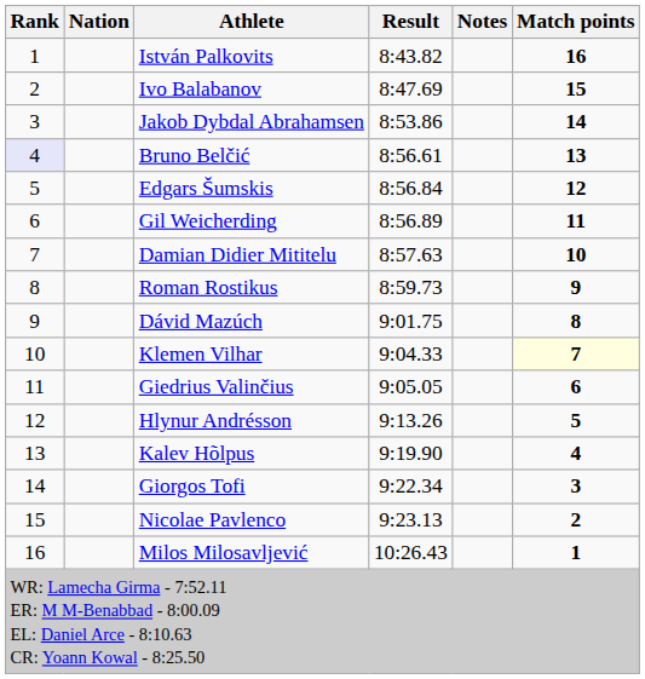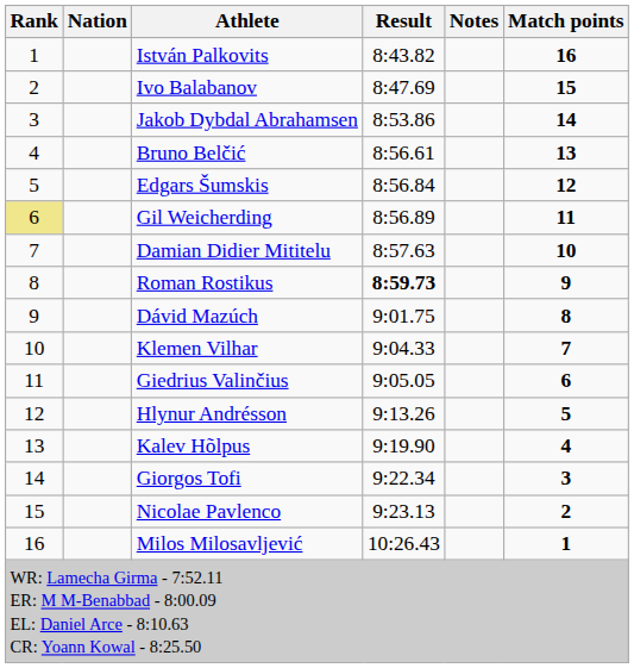 <table class="wikitable sortable" style="text-align:left;">
 <tr>
 <th>Rank</th>
 <th>Nation</th>
 <th>Athlete</th>
 <th>Result</th>
 <th>Notes</th>
 <th>Match points</th>
 </tr>
 <tr>
 <td align=center>1</td>
 <td></td>
 <td><a href='#'>István Palkovits</a></td>
 <td align=center>8:43.82</td>
 <td></td>
 <td align=center><strong>16</strong></td>
 </tr>
 <tr>
 <td align=center>2</td>
 <td></td>
 <td><a href='#'>Ivo Balabanov</a></td>
 <td align=center>8:47.69</td>
 <td align=center></td>
 <td align=center><strong>15</strong></td>
 </tr>
 <tr>
 <td align=center>3</td>
 <td></td>
 <td><a href='#'>Jakob Dybdal Abrahamsen</a></td>
 <td align=center>8:53.86</td>
 <td></td>
 <td align=center><strong>14</strong></td>
 </tr>
 <tr>
-<td align=center style="background: lavender;">4</td>
+<td align=center>4</td>
 <td></td>
 <td><a href='#'>Bruno Belčić</a></td>
 <td align=center>8:56.61</td>
 <td align=center></td>
 <td align=center><strong>13</strong></td>
 </tr>
 <tr>
 <td align=center>5</td>
 <td></td>
 <td><a href='#'>Edgars Šumskis</a></td>
 <td align=center>8:56.84</td>
 <td></td>
 <td align=center><strong>12</strong></td>
 </tr>
 <tr>
-<td align=center>6</td>
+<td align=center style="background: khaki;">6</td>
 <td></td>
 <td><a href='#'>Gil Weicherding</a></td>
 <td align=center>8:56.89</td>
 <td align=center></td>
 <td align=center><strong>11</strong></td>
 </tr>
 <tr>
 <td align=center>7</td>
 <td></td>
 <td><a href='#'>Damian Didier Mititelu</a></td>
 <td align=center>8:57.63</td>
 <td align=center></td>
 <td align=center><strong>10</strong></td>
 </tr>
 <tr>
 <td align=center>8</td>
 <td></td>
 <td><a href='#'>Roman Rostikus</a></td>
-<td align=center>8:59.73</td>
+<td align=center><strong>8:59.73</strong></td>
 <td></td>
 <td align=center><strong>9</strong></td>
 </tr>
 <tr>
 <td align=center>9</td>
 <td></td>
 <td><a href='#'>Dávid Mazúch</a></td>
 <td align=center>9:01.75</td>
 <td></td>
 <td align=center><strong>8</strong></td>
 </tr>
 <tr>
 <td align=center>10</td>
 <td></td>
 <td><a href='#'>Klemen Vilhar</a></td>
 <td align=center>9:04.33</td>
 <td align=center></td>
-<td align=center style="background: lightyellow;"><strong>7</strong></td>
+<td align=center><strong>7</strong></td>
 </tr>
 <tr>
 <td align=center>11</td>
 <td></td>
 <td><a href='#'>Giedrius Valinčius</a></td>
 <td align=center>9:05.05</td>
 <td></td>
 <td align=center><strong>6</strong></td>
 </tr>
 <tr>
 <td align=center>12</td>
 <td></td>
 <td><a href='#'>Hlynur Andrésson</a></td>
 <td align=center>9:13.26</td>
 <td align=center></td>
 <td align=center><strong>5</strong></td>
 </tr>
 <tr>
 <td align=center>13</td>
 <td></td>
 <td><a href='#'>Kalev Hõlpus</a></td>
 <td align=center>9:19.90</td>
 <td></td>
 <td align=center><strong>4</strong></td>
 </tr>
 <tr>
 <td align=center>14</td>
 <td></td>
 <td><a href='#'>Giorgos Tofi</a></td>
 <td align=center>9:22.34</td>
 <td align=center></td>
 <td align=center><strong>3</strong></td>
 </tr>
 <tr>
 <td align=center>15</td>
 <td></td>
 <td><a href='#'>Nicolae Pavlenco</a></td>
 <td align=center>9:23.13</td>
 <td align=center></td>
 <td align=center><strong>2</strong></td>
 </tr>
 <tr>
 <td align=center>16</td>
 <td></td>
 <td><a href='#'>Milos Milosavljević</a></td>
 <td align=center>10:26.43</td>
 <td></td>
 <td align=center><strong>1</strong></td>
 </tr>
 <tr>
 <td colspan="6" bgcolor="#cccccc"><small>WR:  <a href='#'>Lamecha Girma</a> - 7:52.11<br>ER:  <a href='#'>M M-Benabbad</a> - 8:00.09<br></small><small>EL:  <a href='#'>Daniel Arce</a> - 8:10.63<br>CR:  <a href='#'>Yoann Kowal</a> - 8:25.50</small></td>
 </tr>
 </table>
